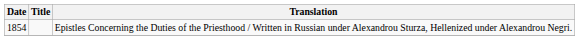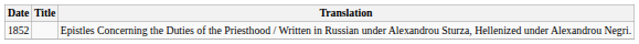 <table class="wikitable" style="margin:1em auto;">
 <tr>
 <th>Date</th>
 <th>Title</th>
 <th>Translation</th>
 </tr>
 <tr>
-<td>1854</td>
+<td>1852</td>
 <td></td>
 <td>Epistles Concerning the Duties of the Priesthood / Written in Russian under Alexandrou Sturza, Hellenized under Alexandrou Negri.</td>
 </tr>
 <tr>
 </tr>
 </table>
